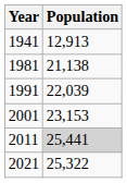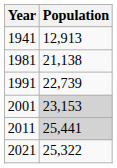 <table class=wikitable>
 <tr>
 <th>Year</th>
 <th>Population</th>
 </tr>
 <tr>
 <td>1941</td>
 <td>12,913</td>
 </tr>
 <tr>
 <td>1981</td>
 <td>21,138</td>
 </tr>
 <tr>
 <td>1991</td>
-<td>22,039</td>
+<td>22,739</td>
 </tr>
 <tr>
 <td>2001</td>
-<td>23,153</td>
+<td style="background: lightgrey;">23,153</td>
 </tr>
 <tr>
 <td>2011</td>
 <td style="background: lightgrey;">25,441</td>
 </tr>
 <tr>
 <td>2021</td>
 <td>25,322</td>
 </tr>
 </table>
